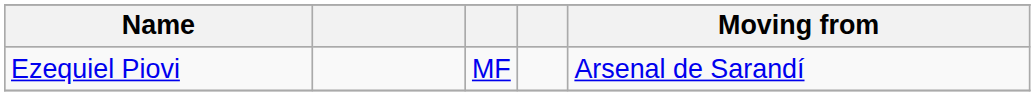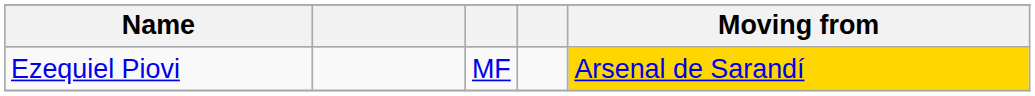 <table class="wikitable" style="text-align: center;">
 <tr>
 </tr>
 <tr>
 <th width=30% align="center">Name</th>
 <th width=15% align="center"></th>
 <th width=5% align="center"></th>
 <th width=5% align="center"></th>
 <th width=45% align="center">Moving from</th>
 </tr>
 <tr>
 <td align=left><a href='#'>Ezequiel Piovi</a></td>
 <td></td>
 <td><a href='#'>MF</a></td>
 <td></td>
-<td align=left><a href='#'>Arsenal de Sarandí</a> </td>
+<td align=left style="background: gold;"><a href='#'>Arsenal de Sarandí</a> </td>
 </tr>
 <tr>
 </tr>
 </table>
